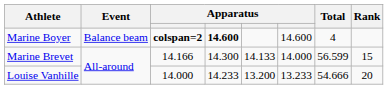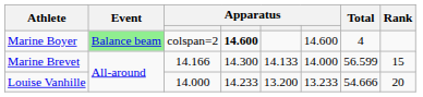 <table class="wikitable" style="font-size:90%">
 <tr>
 <th rowspan=2>Athlete</th>
 <th rowspan=2>Event</th>
 <th colspan=4>Apparatus</th>
 <th rowspan=2>Total</th>
 <th rowspan=2>Rank</th>
 </tr>
 <tr style="font-size:95%">
 <th></th>
 <th></th>
 <th></th>
 <th></th>
 </tr>
 <tr align=center>
 <td align=left><a href='#'>Marine Boyer</a></td>
-<td align=left><a href='#'>Balance beam</a></td>
-<td><strong>colspan=2 </strong></td>
+<td align=left style="background: lightgreen;"><a href='#'>Balance beam</a></td>
+<td>colspan=2 </td>
 <td><strong>14.600</strong></td>
 <td></td>
 <td>14.600</td>
 <td>4</td>
 </tr>
 <tr align=center>
 <td align=left><a href='#'>Marine Brevet</a></td>
 <td style="text-align:left;" rowspan="2"><a href='#'>All-around</a></td>
 <td>14.166</td>
 <td>14.300</td>
 <td>14.133</td>
 <td>14.000</td>
 <td>56.599</td>
 <td>15</td>
 </tr>
 <tr align=center>
 <td align=left><a href='#'>Louise Vanhille</a></td>
 <td>14.000</td>
 <td>14.233</td>
 <td>13.200</td>
 <td>13.233</td>
 <td>54.666</td>
 <td>20</td>
 </tr>
 </table>
